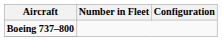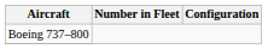 <table class="wikitable">
 <tr>
 <th>Aircraft</th>
 <th>Number in Fleet</th>
 <th>Configuration</th>
 </tr>
 <tr>
-<td><strong>Boeing 737–800</strong></td>
+<td>Boeing 737–800</td>
 </tr>
 <tr>
 </tr>
 <tr>
 </tr>
 </table>
